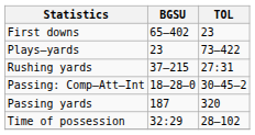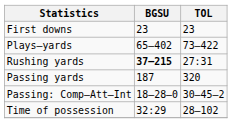 <table class="wikitable" style="float: left;">
 <tr>
 <th>Statistics</th>
 <th>BGSU</th>
 <th>TOL</th>
 </tr>
 <tr>
 <td>First downs</td>
-<td>65–402</td>
+<td>23</td>
 <td>23</td>
 </tr>
 <tr>
 <td>Plays–yards</td>
-<td>23</td>
+<td>65–402</td>
 <td>73–422</td>
 </tr>
 <tr>
 <td>Rushing yards</td>
-<td>37–215</td>
+<td><strong>37–215</strong></td>
 <td>27:31</td>
+</tr>
+<tr>
+<td>Passing yards</td>
+<td>187</td>
+<td>320</td>
 </tr>
 <tr>
 <td>Passing: Comp–Att–Int</td>
 <td>18–28–0</td>
 <td>30–45–2</td>
-</tr>
-<tr>
-<td>Passing yards</td>
-<td>187</td>
-<td>320</td>
 </tr>
 <tr>
 <td>Time of possession</td>
 <td>32:29</td>
 <td>28–102</td>
 </tr>
 <tr>
 </tr>
 </table>
